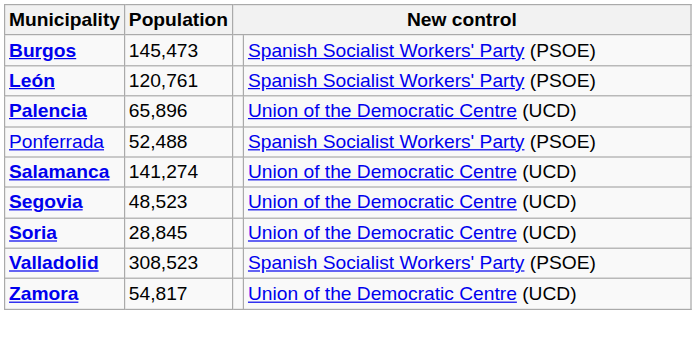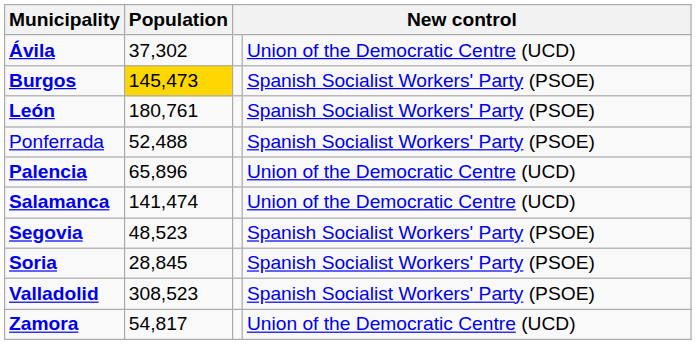 <table class="wikitable sortable">
 <tr>
 <th>Municipality</th>
 <th>Population</th>
 <th colspan="2" style="width:375px;">New control</th>
 </tr>
 <tr>
+<td><strong><a href='#'>Ávila</a></strong></td>
+<td>37,302</td>
+<td width="1" style="color:inherit;background:"></td>
+<td><a href='#'>Union of the Democratic Centre</a> (UCD)</td>
+</tr>
+<tr>
 <td><strong><a href='#'>Burgos</a></strong></td>
-<td>145,473</td>
+<td style="background: gold;">145,473</td>
 <td style="color:inherit;background:"></td>
 <td><a href='#'>Spanish Socialist Workers' Party</a> (PSOE)</td>
 </tr>
 <tr>
 <td><strong><a href='#'>León</a></strong></td>
-<td>120,761</td>
+<td>180,761</td>
 <td style="color:inherit;background:"></td>
 <td><a href='#'>Spanish Socialist Workers' Party</a> (PSOE) </td>
+</tr>
+<tr>
+<td><a href='#'>Ponferrada</a></td>
+<td>52,488</td>
+<td style="color:inherit;background:"></td>
+<td><a href='#'>Spanish Socialist Workers' Party</a> (PSOE)</td>
 </tr>
 <tr>
 <td><strong><a href='#'>Palencia</a></strong></td>
 <td>65,896</td>
 <td style="color:inherit;background:"></td>
 <td><a href='#'>Union of the Democratic Centre</a> (UCD)</td>
 </tr>
 <tr>
-<td><a href='#'>Ponferrada</a></td>
-<td>52,488</td>
-<td style="color:inherit;background:"></td>
-<td><a href='#'>Spanish Socialist Workers' Party</a> (PSOE)</td>
-</tr>
-<tr>
 <td><strong><a href='#'>Salamanca</a></strong></td>
-<td>141,274</td>
+<td>141,474</td>
 <td style="color:inherit;background:"></td>
 <td><a href='#'>Union of the Democratic Centre</a> (UCD)</td>
 </tr>
 <tr>
 <td><strong><a href='#'>Segovia</a></strong></td>
 <td>48,523</td>
 <td style="color:inherit;background:"></td>
-<td><a href='#'>Union of the Democratic Centre</a> (UCD)</td>
+<td><a href='#'>Spanish Socialist Workers' Party</a> (PSOE)</td>
 </tr>
 <tr>
 <td><strong><a href='#'>Soria</a></strong></td>
 <td>28,845</td>
 <td style="color:inherit;background:"></td>
-<td><a href='#'>Union of the Democratic Centre</a> (UCD)</td>
+<td><a href='#'>Spanish Socialist Workers' Party</a> (PSOE) </td>
 </tr>
 <tr>
 <td><strong><a href='#'>Valladolid</a></strong></td>
 <td>308,523</td>
 <td style="color:inherit;background:"></td>
 <td><a href='#'>Spanish Socialist Workers' Party</a> (PSOE)</td>
 </tr>
 <tr>
 <td><strong><a href='#'>Zamora</a></strong></td>
 <td>54,817</td>
 <td style="color:inherit;background:"></td>
 <td><a href='#'>Union of the Democratic Centre</a> (UCD)</td>
 </tr>
 </table>
